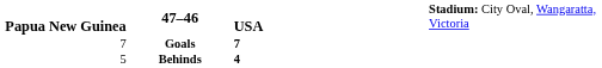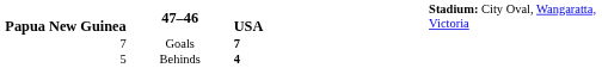 <table style="width: 100%; background: transparent;" cellspacing="0">
 <tr>
 <td align=center valign=top rowspan=3 width=15%></td>
 </tr>
 <tr>
 <td width=24% align=right><br><strong>Papua New Guinea</strong></td>
 <td align=center width=13%><strong>47–46</strong></td>
 <td width=24%><br><strong>USA</strong></td>
 <td style=font-size:85% rowspan=2 valign=top><strong>Stadium:</strong> City Oval, <a href='#'>Wangaratta, Victoria</a></td>
 </tr>
 <tr style=font-size:85%>
 <td align=right valign=top>7<br> 5</td>
-<td align=center valign=top><strong>Goals <br>Behinds</strong></td>
+<td align=center valign=top>Goals <br>Behinds</td>
 <td valign=top><strong>7<br> 4</strong></td>
 </tr>
 </table>
